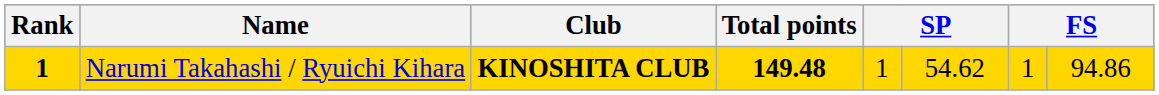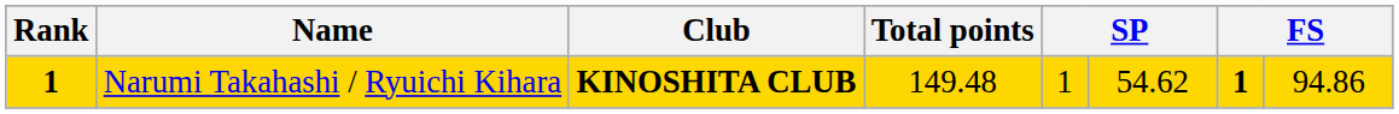 <table class="wikitable sortable">
 <tr>
 <th>Rank</th>
 <th>Name</th>
 <th>Club</th>
 <th>Total points</th>
 <th colspan="2" width="80px"><a href='#'>SP</a></th>
 <th colspan="2" width="80px"><a href='#'>FS</a></th>
 </tr>
 <tr bgcolor="gold">
 <td align="center"><strong>1</strong></td>
 <td><a href='#'>Narumi Takahashi</a> / <a href='#'>Ryuichi Kihara</a></td>
 <td><strong>KINOSHITA CLUB</strong></td>
-<td align="center"><strong>149.48</strong></td>
+<td align="center">149.48</td>
 <td align="center">1</td>
 <td align="center">54.62</td>
-<td align="center">1</td>
+<td align="center"><strong>1</strong></td>
 <td align="center">94.86</td>
 </tr>
 </table>
